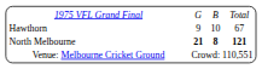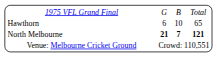 <table style="margin-right:4px; margin-top:8px; float:right; border:1px #000000 solid; border-radius:8px; background:#FFFFFF; font-family:Verdana; font-size:8pt; text-align:center;">
 <tr>
 <td width=200><em><a href='#'>1975 VFL Grand Final</a></em></td>
 <td><em>G</em></td>
 <td><em>B</em></td>
 <td><em>Total</em></td>
 </tr>
 <tr>
 <td style="text-align:left"> Hawthorn</td>
-<td>9</td>
+<td>6</td>
 <td>10</td>
-<td>67</td>
+<td>65</td>
 </tr>
 <tr>
 <td style="text-align:left"> North Melbourne</td>
 <td><strong>21</strong></td>
-<td><strong>8</strong></td>
+<td><strong>7</strong></td>
 <td><strong>121</strong></td>
 </tr>
 <tr>
 <td>Venue: <a href='#'>Melbourne Cricket Ground</a></td>
 <td colspan="3">Crowd: 110,551</td>
 </tr>
 </table>
